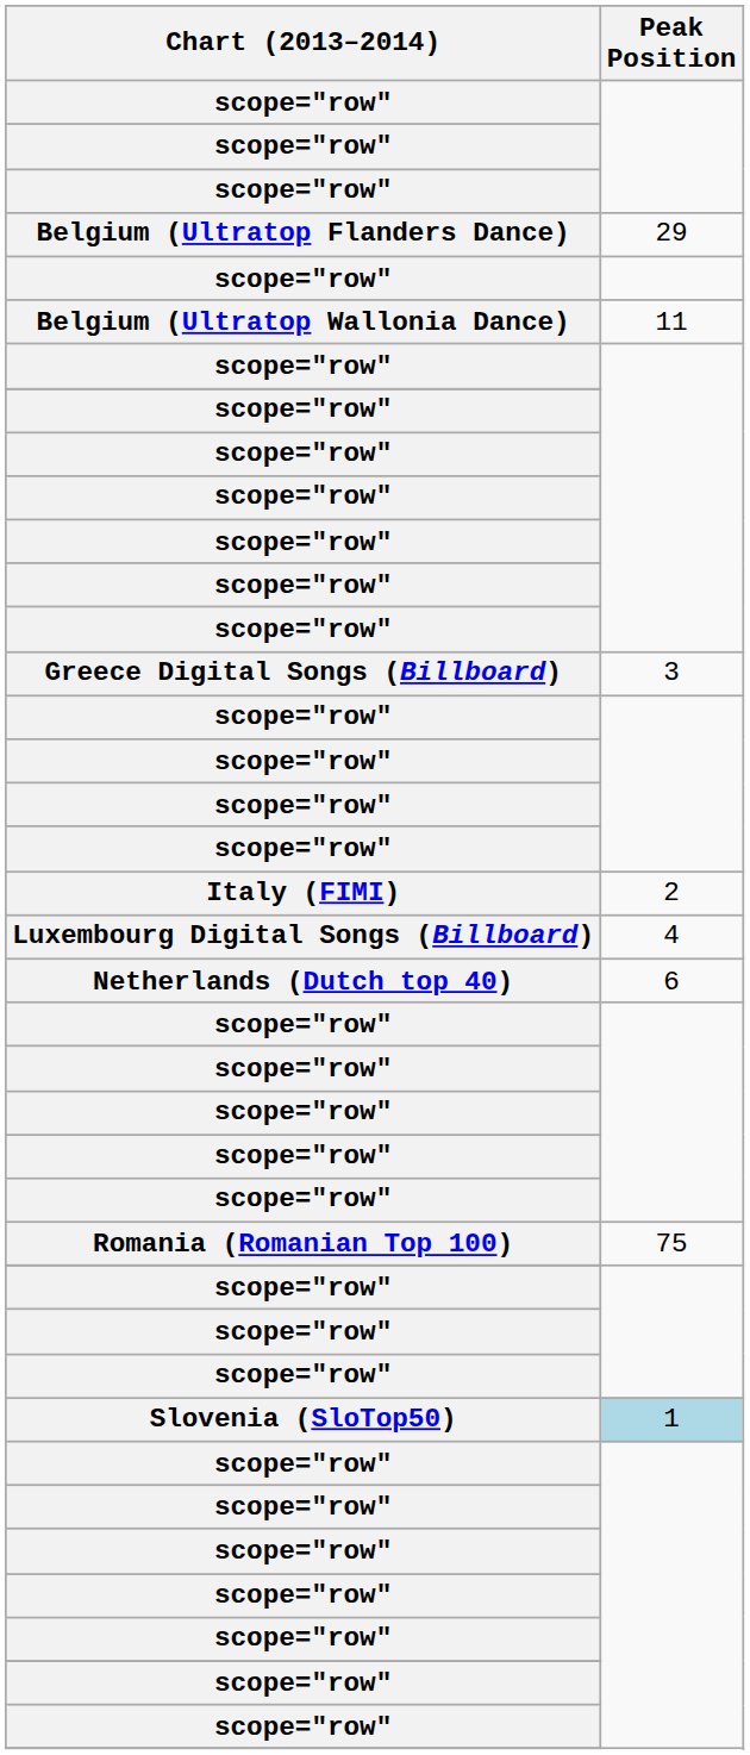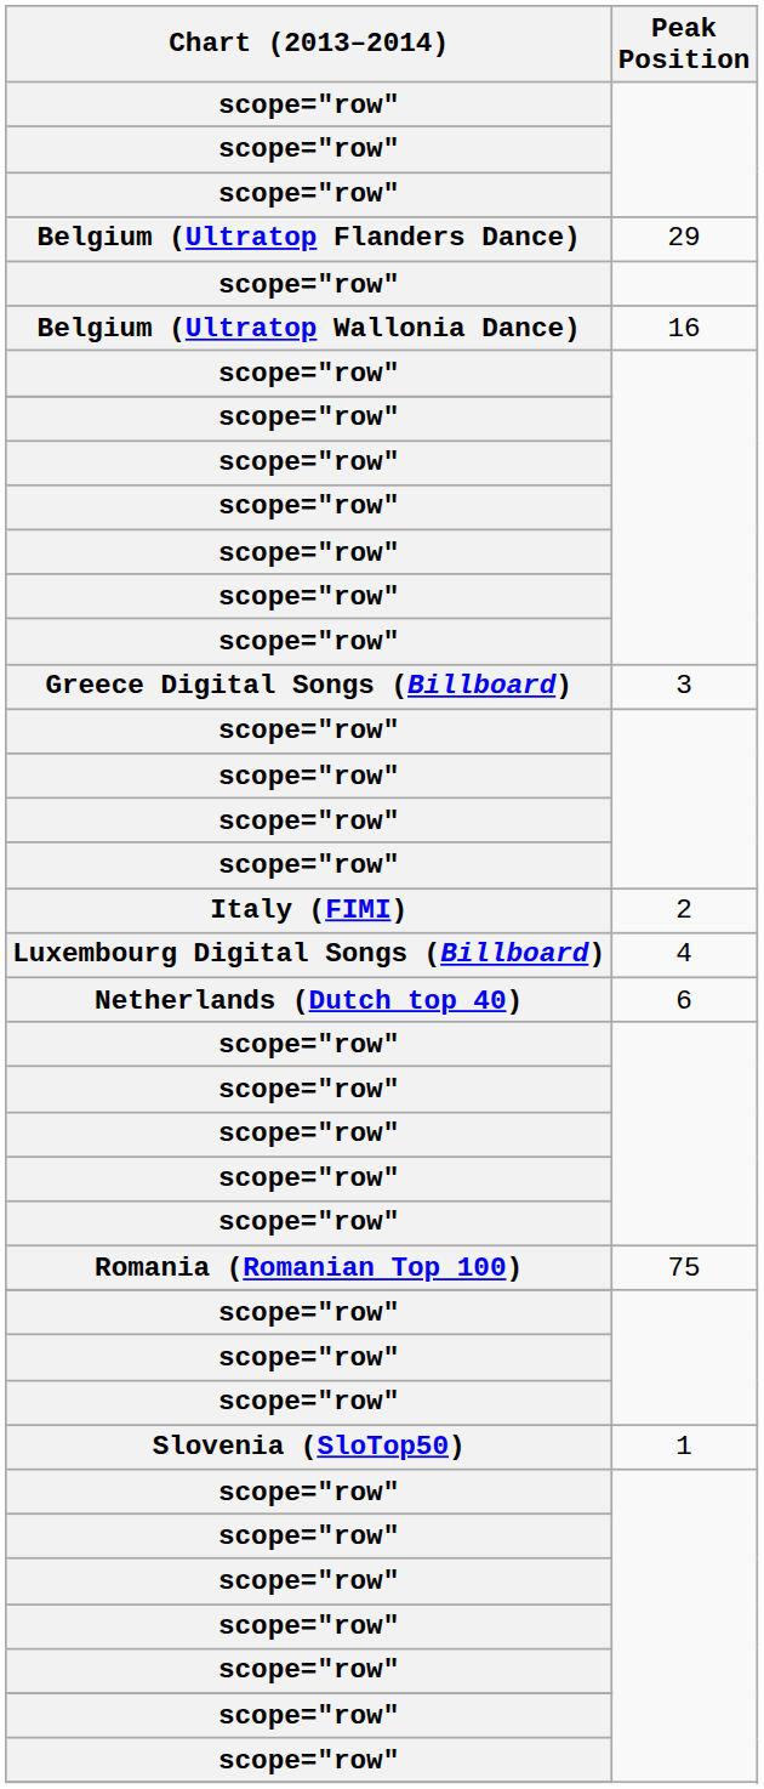 <table class="wikitable sortable plainrowheaders">
 <tr>
 <th scope="col">Chart (2013–2014)</th>
 <th scope="col">Peak <br>Position</th>
 </tr>
 <tr>
 <th>scope="row" </th>
 </tr>
 <tr>
 <th>scope="row" </th>
 </tr>
 <tr>
 <th>scope="row" </th>
 </tr>
 <tr>
 <th scope="row">Belgium (<a href='#'>Ultratop</a> Flanders Dance)</th>
 <td align=center>29</td>
 </tr>
 <tr>
 <th>scope="row" </th>
 </tr>
 <tr>
 <th scope="row">Belgium (<a href='#'>Ultratop</a> Wallonia Dance)</th>
-<td align=center>11</td>
+<td align=center>16</td>
 </tr>
 <tr>
 <th>scope="row" </th>
 </tr>
 <tr>
 </tr>
 <tr>
 <th>scope="row" </th>
 </tr>
 <tr>
 <th>scope="row" </th>
 </tr>
 <tr>
 <th>scope="row" </th>
 </tr>
 <tr>
 <th>scope="row" </th>
 </tr>
 <tr>
 <th>scope="row" </th>
 </tr>
 <tr>
 <th>scope="row" </th>
 </tr>
 <tr>
 <th scope="row">Greece Digital Songs (<em><a href='#'>Billboard</a></em>)</th>
 <td style="text-align:center;">3</td>
 </tr>
 <tr>
 <th>scope="row" </th>
 </tr>
 <tr>
 <th>scope="row" </th>
 </tr>
 <tr>
 <th>scope="row" </th>
 </tr>
 <tr>
 <th>scope="row" </th>
 </tr>
 <tr>
 <th scope="row">Italy (<a href='#'>FIMI</a>)</th>
 <td align="center">2</td>
 </tr>
 <tr>
 <th scope="row">Luxembourg Digital Songs (<em><a href='#'>Billboard</a></em>)</th>
 <td style="text-align:center;">4</td>
 </tr>
 <tr>
 <th scope="row">Netherlands (<a href='#'>Dutch top 40</a>)</th>
 <td align=center>6</td>
 </tr>
 <tr>
 <th>scope="row" </th>
 </tr>
 <tr>
 <th>scope="row" </th>
 </tr>
 <tr>
 <th>scope="row" </th>
 </tr>
 <tr>
 <th>scope="row" </th>
 </tr>
 <tr>
 <th>scope="row" </th>
 </tr>
 <tr>
 <th scope="row">Romania (<a href='#'>Romanian Top 100</a>)</th>
 <td style="text-align:center;">75</td>
 </tr>
 <tr>
 </tr>
 <tr>
 <th>scope="row" </th>
 </tr>
 <tr>
 <th>scope="row" </th>
 </tr>
 <tr>
 <th>scope="row" </th>
 </tr>
 <tr>
 <th scope="row">Slovenia (<a href='#'>SloTop50</a>)</th>
-<td align=center style="background: lightblue;">1</td>
+<td align=center>1</td>
 </tr>
 <tr>
 <th>scope="row" </th>
 </tr>
 <tr>
 <th>scope="row" </th>
 </tr>
 <tr>
 <th>scope="row" </th>
 </tr>
 <tr>
 <th>scope="row" </th>
 </tr>
 <tr>
 <th>scope="row" </th>
 </tr>
 <tr>
 </tr>
 <tr>
 <th>scope="row" </th>
 </tr>
 <tr>
 <th>scope="row" </th>
 </tr>
 <tr>
 </tr>
 </table>
